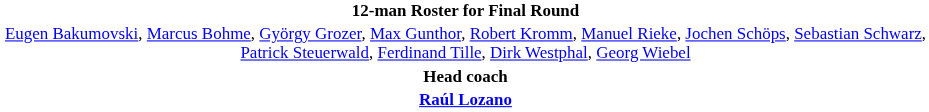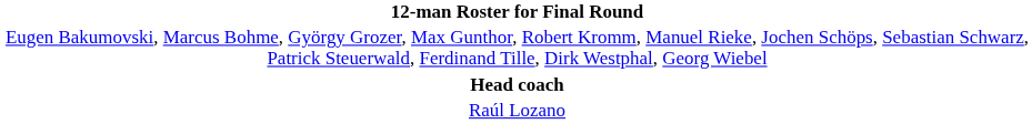 <table style="text-align: center; margin-top: 2em; margin-left: auto; margin-right: auto">
 <tr>
 <td><strong>12-man Roster for Final Round</strong></td>
 </tr>
 <tr>
 <td><a href='#'>Eugen Bakumovski</a>, <a href='#'>Marcus Bohme</a>, <a href='#'>György Grozer</a>, <a href='#'>Max Gunthor</a>, <a href='#'>Robert Kromm</a>, <a href='#'>Manuel Rieke</a>, <a href='#'>Jochen Schöps</a>, <a href='#'>Sebastian Schwarz</a>, <a href='#'>Patrick Steuerwald</a>, <a href='#'>Ferdinand Tille</a>, <a href='#'>Dirk Westphal</a>, <a href='#'>Georg Wiebel</a></td>
 </tr>
 <tr>
 <td><strong>Head coach</strong></td>
 </tr>
 <tr>
-<td><strong><a href='#'>Raúl Lozano</a></strong></td>
+<td><a href='#'>Raúl Lozano</a></td>
 </tr>
 </table>
